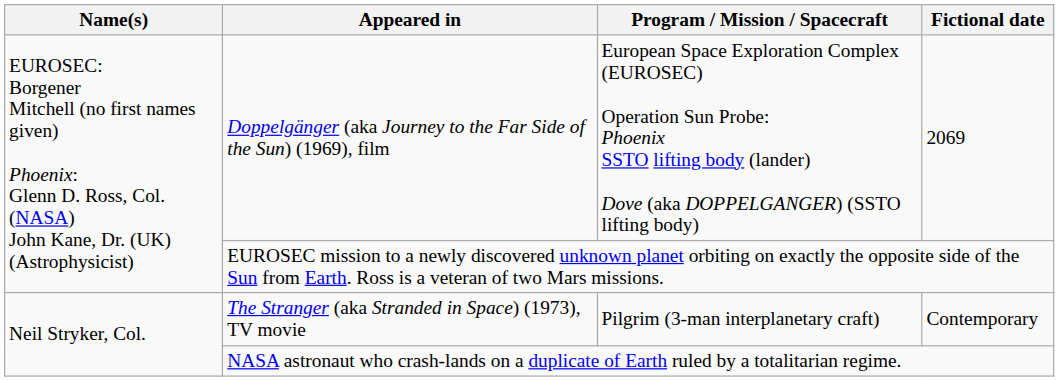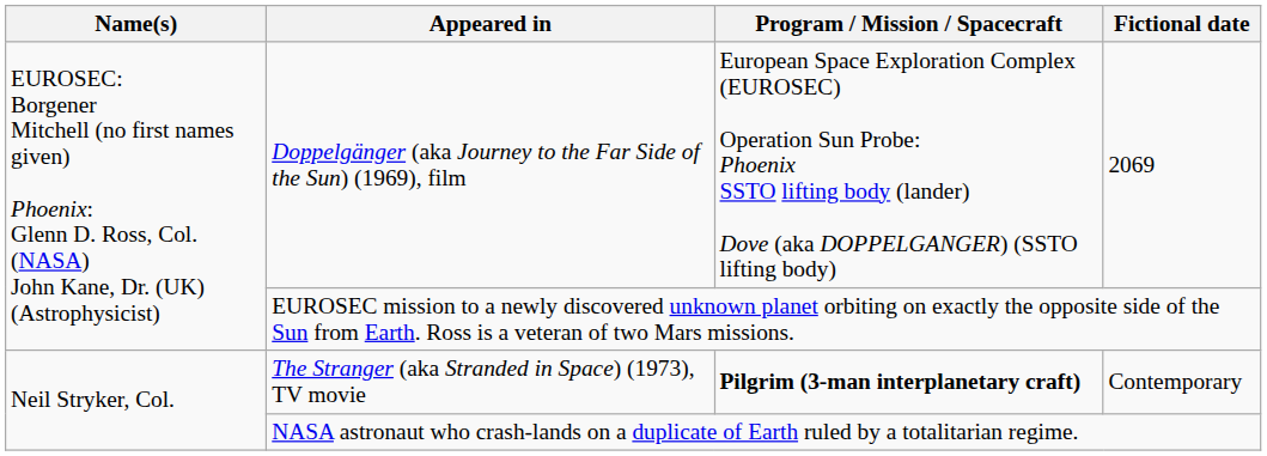 <table Class="wikitable">
 <tr>
 <th>Name(s)</th>
 <th>Appeared in</th>
 <th>Program / Mission / Spacecraft</th>
 <th>Fictional date</th>
 </tr>
 <tr>
 <td rowspan="2">EUROSEC:<br>Borgener<br>Mitchell (no first names given)<br><br><em>Phoenix</em>:<br>Glenn D. Ross, Col. (<a href='#'>NASA</a>)<br>John Kane, Dr. (UK) (Astrophysicist)</td>
 <td><em><a href='#'>Doppelgänger</a></em> (aka <em>Journey to the Far Side of the Sun</em>) (1969), film</td>
 <td>European Space Exploration Complex (EUROSEC)<br><br>Operation Sun Probe:<br><em>Phoenix</em><br><a href='#'>SSTO</a> <a href='#'>lifting body</a> (lander)<br><br><em>Dove</em> (aka <em>DOPPELGANGER</em>) (SSTO lifting body)</td>
 <td>2069</td>
 </tr>
 <tr>
 <td colspan="3">EUROSEC mission to a newly discovered <a href='#'>unknown planet</a> orbiting on exactly the opposite side of the <a href='#'>Sun</a> from <a href='#'>Earth</a>. Ross is a veteran of two Mars missions.</td>
 </tr>
 <tr>
 <td rowspan="2">Neil Stryker, Col.</td>
 <td><em><a href='#'>The Stranger</a></em> (aka <em>Stranded in Space</em>) (1973), TV movie</td>
-<td>Pilgrim (3-man interplanetary craft)</td>
+<td><strong>Pilgrim (3-man interplanetary craft)</strong></td>
 <td>Contemporary</td>
 </tr>
 <tr>
 <td colspan="3"><a href='#'>NASA</a> astronaut who crash-lands on a <a href='#'>duplicate of Earth</a> ruled by a totalitarian regime.</td>
 </tr>
 </table>
